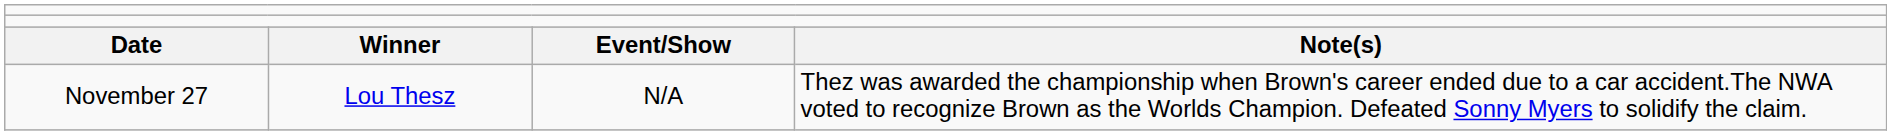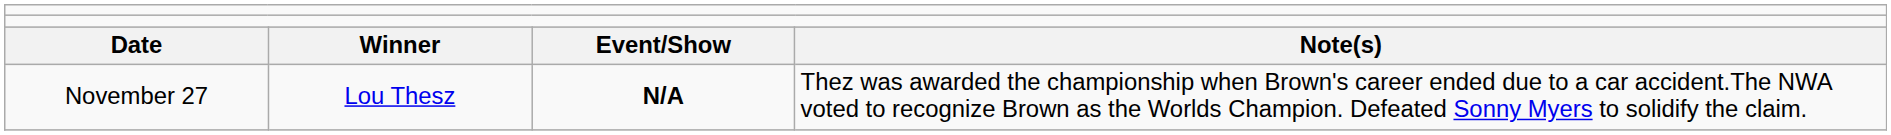 <table class="wikitable" style="text-align:center; width:100%;">
 <tr>
 <td colspan="5"></td>
 </tr>
 <tr>
 <td colspan="5"><strong></strong></td>
 </tr>
 <tr>
 <th width=14%>Date</th>
 <th width=14%>Winner</th>
 <th width=14%>Event/Show</th>
 <th width=58%>Note(s)</th>
 </tr>
 <tr>
 <td>November 27</td>
 <td><a href='#'>Lou Thesz</a></td>
-<td>N/A</td>
+<td><strong>N/A</strong></td>
 <td align=left>Thez was awarded the championship when Brown's career ended due to a car accident.The NWA voted to recognize Brown as the Worlds Champion. Defeated <a href='#'>Sonny Myers</a> to solidify the claim.</td>
 </tr>
 </table>
